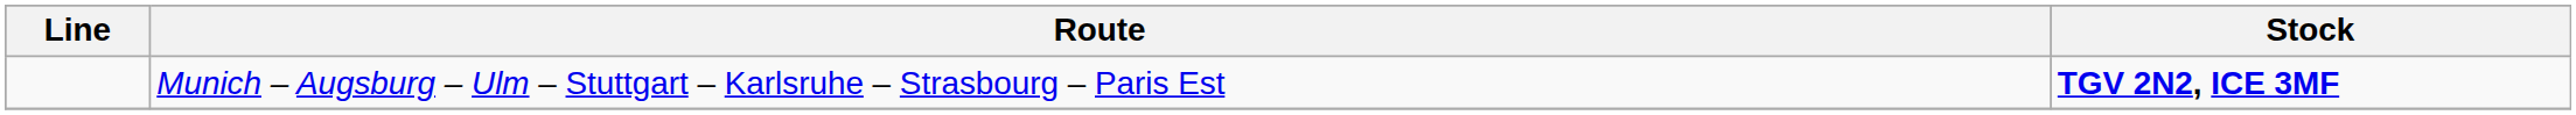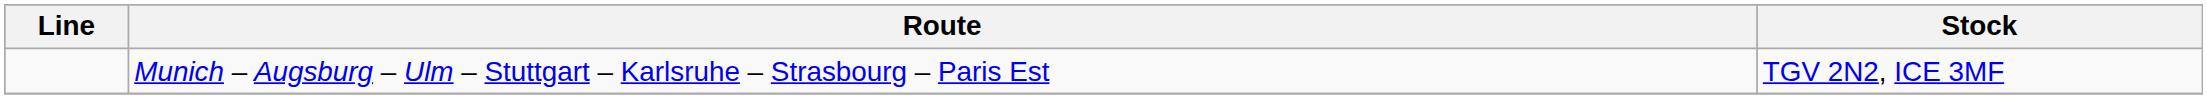 <table class="wikitable" width="100%">
 <tr class="hintergrundfarbe5">
 <th>Line</th>
 <th>Route</th>
 <th>Stock</th>
 </tr>
 <tr>
 <td></td>
 <td><em><a href='#'>Munich</a> – <a href='#'>Augsburg</a> – <a href='#'>Ulm</a></em> – <a href='#'>Stuttgart</a> – <a href='#'>Karlsruhe</a> – <a href='#'>Strasbourg</a> – <a href='#'>Paris Est</a></td>
-<td><strong><a href='#'>TGV 2N2</a>, <a href='#'>ICE 3MF</a></strong></td>
+<td><a href='#'>TGV 2N2</a>, <a href='#'>ICE 3MF</a></td>
 </tr>
 <tr>
 </tr>
 </table>
